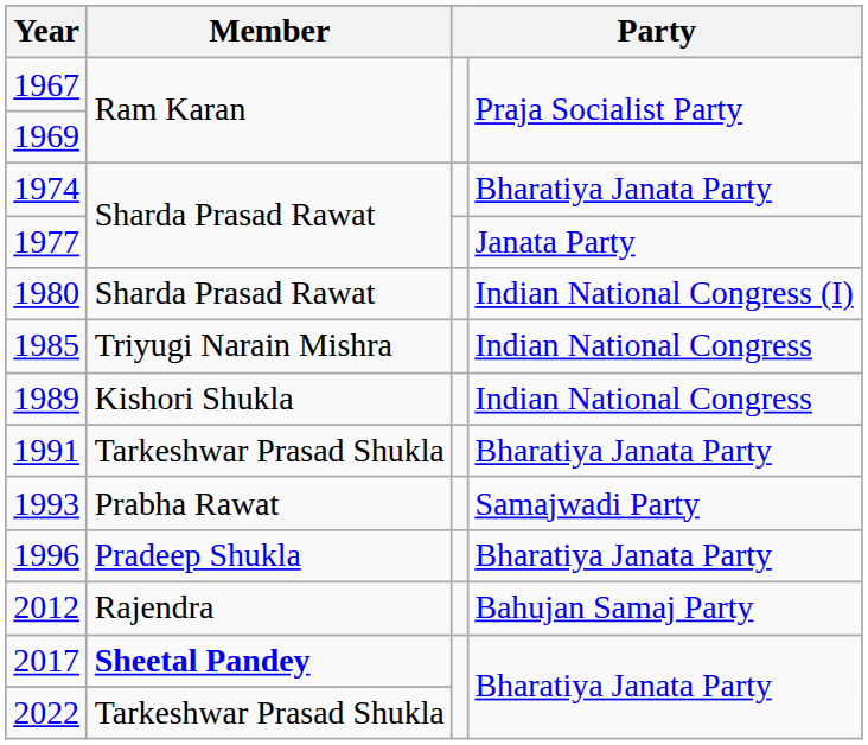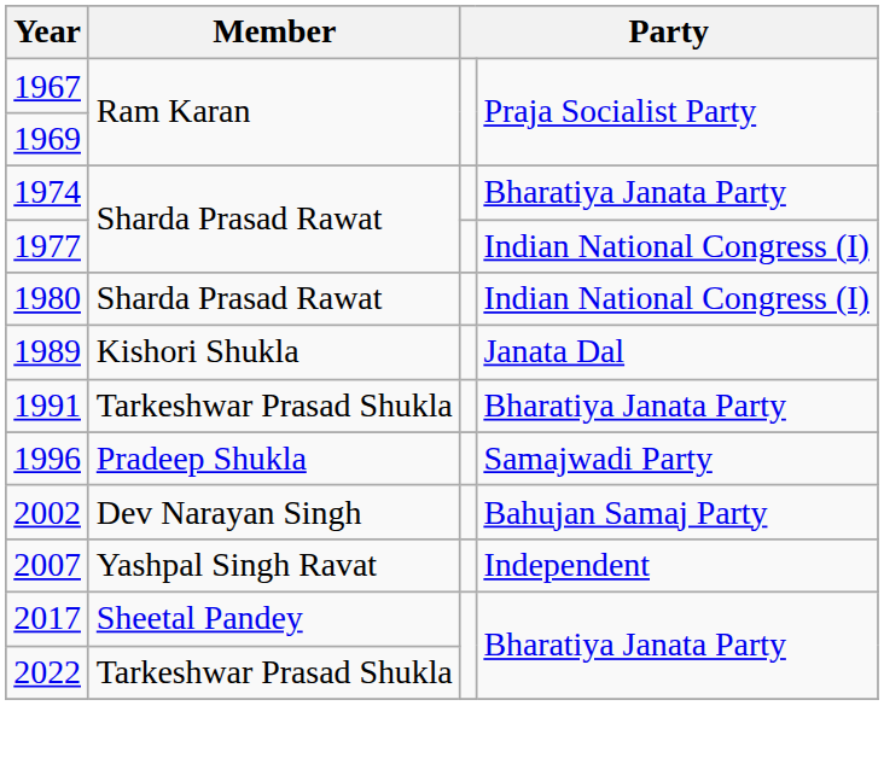 <table class="wikitable">
 <tr>
 <th>Year</th>
 <th>Member</th>
 <th colspan="2">Party</th>
 </tr>
 <tr>
 <td><a href='#'>1967</a></td>
 <td rowspan="2">Ram Karan</td>
 <td rowspan="2" style="background-color: "></td>
 <td rowspan="2"><a href='#'>Praja Socialist Party</a></td>
 </tr>
 <tr>
 <td><a href='#'>1969</a></td>
 </tr>
 <tr>
 <td><a href='#'>1974</a></td>
 <td rowspan="2">Sharda Prasad Rawat</td>
 <td style="background-color: "></td>
 <td><a href='#'>Bharatiya Janata Party</a></td>
 </tr>
 <tr>
 <td><a href='#'>1977</a></td>
 <td style="background-color: "></td>
-<td><a href='#'>Janata Party</a></td>
+<td><a href='#'>Indian National Congress (I)</a></td>
 </tr>
 <tr>
 <td><a href='#'>1980</a></td>
 <td>Sharda Prasad Rawat</td>
 <td style="background-color: "></td>
 <td><a href='#'>Indian National Congress (I)</a></td>
 </tr>
 <tr>
-<td><a href='#'>1985</a></td>
-<td>Triyugi Narain Mishra</td>
-<td style="background-color: "></td>
-<td><a href='#'>Indian National Congress</a></td>
-</tr>
-<tr>
 <td><a href='#'>1989</a></td>
 <td>Kishori Shukla</td>
 <td style="background-color: "></td>
-<td><a href='#'>Indian National Congress</a></td>
+<td><a href='#'>Janata Dal</a></td>
 </tr>
 <tr>
 <td><a href='#'>1991</a></td>
 <td>Tarkeshwar Prasad Shukla</td>
 <td style="background-color: "></td>
 <td><a href='#'>Bharatiya Janata Party</a></td>
 </tr>
 <tr>
-<td><a href='#'>1993</a></td>
-<td>Prabha Rawat</td>
+<td><a href='#'>1996</a></td>
+<td><a href='#'>Pradeep Shukla</a></td>
 <td style="background-color: "></td>
 <td><a href='#'>Samajwadi Party</a></td>
 </tr>
 <tr>
-<td><a href='#'>1996</a></td>
-<td><a href='#'>Pradeep Shukla</a></td>
-<td style="background-color: "></td>
-<td><a href='#'>Bharatiya Janata Party</a></td>
-</tr>
-<tr>
-<td><a href='#'>2012</a></td>
-<td>Rajendra</td>
+<td><a href='#'>2002</a></td>
+<td>Dev Narayan Singh</td>
 <td style="background-color: "></td>
 <td><a href='#'>Bahujan Samaj Party</a></td>
 </tr>
 <tr>
+<td><a href='#'>2007</a></td>
+<td>Yashpal Singh Ravat</td>
+<td style="background-color: "></td>
+<td><a href='#'>Independent</a></td>
+</tr>
+<tr>
 <td><a href='#'>2017</a></td>
-<td><strong><a href='#'>Sheetal Pandey</a></strong></td>
+<td><a href='#'>Sheetal Pandey</a></td>
 <td rowspan="2" style="background-color: "></td>
 <td rowspan="2"><a href='#'>Bharatiya Janata Party</a></td>
 </tr>
 <tr>
 <td><a href='#'>2022</a></td>
 <td>Tarkeshwar Prasad Shukla</td>
 </tr>
 </table>
